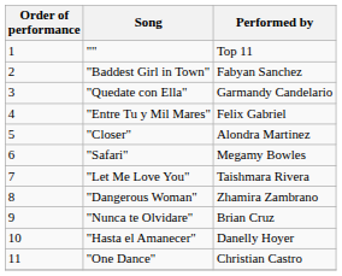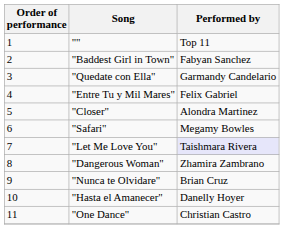 <table class="wikitable">
 <tr>
 <th>Order of <br>performance</th>
 <th>Song</th>
 <th>Performed by</th>
 </tr>
 <tr>
 <td>1</td>
 <td>""</td>
 <td>Top 11</td>
 </tr>
 <tr>
 <td>2</td>
 <td>"Baddest Girl in Town"</td>
 <td>Fabyan Sanchez</td>
 </tr>
 <tr>
 <td>3</td>
 <td>"Quedate con Ella"</td>
 <td>Garmandy Candelario</td>
 </tr>
 <tr>
 <td>4</td>
 <td>"Entre Tu y Mil Mares"</td>
 <td>Felix Gabriel</td>
 </tr>
 <tr>
 <td>5</td>
 <td>"Closer"</td>
 <td>Alondra Martinez</td>
 </tr>
 <tr>
 <td>6</td>
 <td>"Safari"</td>
 <td>Megamy Bowles</td>
 </tr>
 <tr>
 <td>7</td>
 <td>"Let Me Love You"</td>
-<td>Taishmara Rivera</td>
+<td style="background: lavender;">Taishmara Rivera</td>
 </tr>
 <tr>
 <td>8</td>
 <td>"Dangerous Woman"</td>
 <td>Zhamira Zambrano</td>
 </tr>
 <tr>
 <td>9</td>
 <td>"Nunca te Olvidare"</td>
 <td>Brian Cruz</td>
 </tr>
 <tr>
 <td>10</td>
 <td>"Hasta el Amanecer"</td>
 <td>Danelly Hoyer</td>
 </tr>
 <tr>
 <td>11</td>
 <td>"One Dance"</td>
 <td>Christian Castro</td>
 </tr>
 <tr>
 </tr>
 </table>
